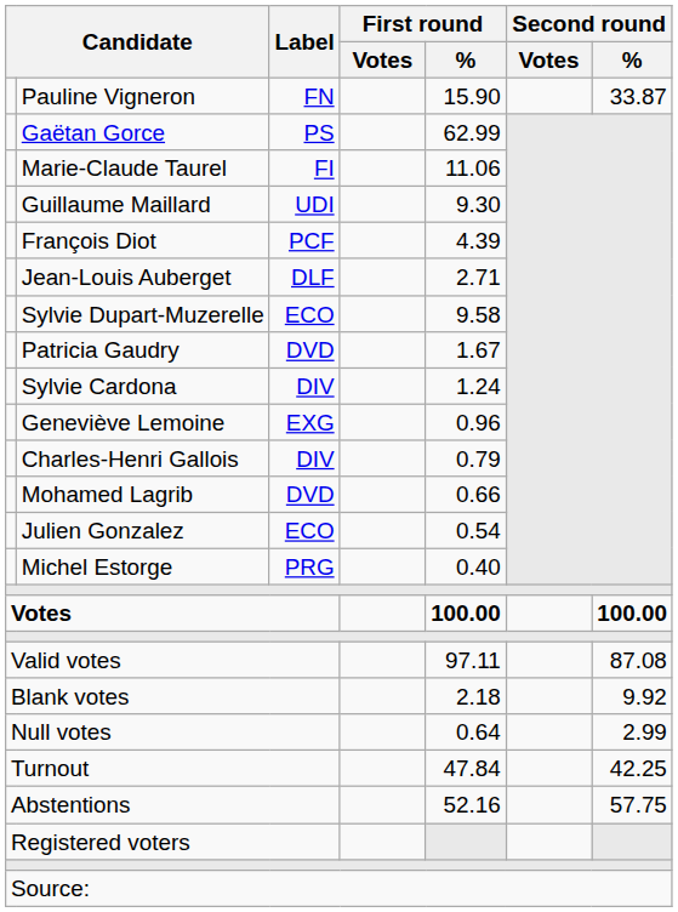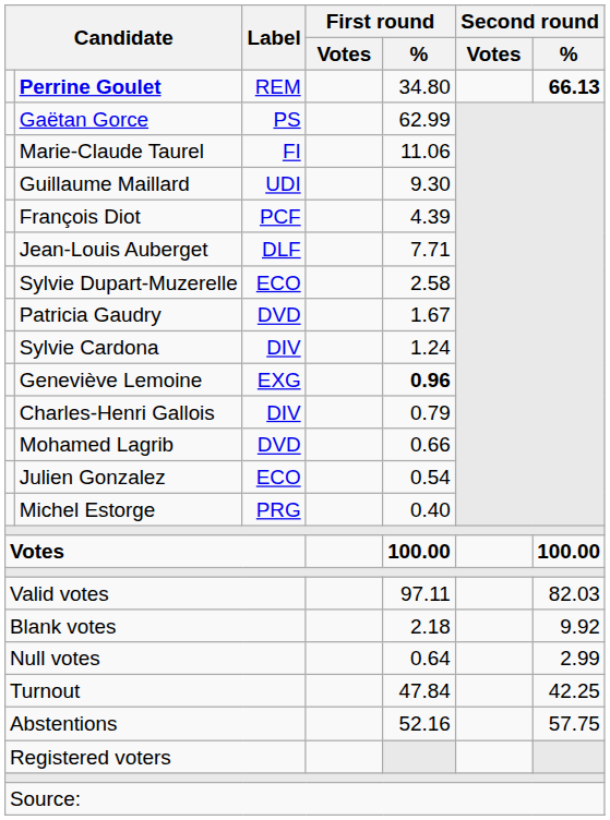 <table class="wikitable" style="text-align:right;font-size:95%;">
 <tr>
 <th rowspan="2" colspan="2">Candidate</th>
 <th rowspan="2">Label</th>
 <th colspan="2">First round</th>
 <th colspan="2">Second round</th>
 </tr>
 <tr>
 <th style="width:50px;">Votes</th>
 <th style="width:45px;">%</th>
 <th style="width:50px;">Votes</th>
 <th style="width:45px;">%</th>
 </tr>
 <tr>
 <td style="color:inherit;background:"></td>
-<td style="text-align:left;">Pauline Vigneron</td>
-<td><a href='#'>FN</a></td>
+<td style="text-align:left;"><strong><a href='#'>Perrine Goulet</a></strong></td>
+<td><a href='#'>REM</a></td>
 <td></td>
-<td>15.90</td>
-<td></td>
-<td>33.87</td>
+<td>34.80</td>
+<td><strong></strong></td>
+<td><strong>66.13</strong></td>
 </tr>
 <tr>
 <td style="color:inherit;background:"></td>
 <td style="text-align:left;"><a href='#'>Gaëtan Gorce</a></td>
 <td><a href='#'>PS</a></td>
 <td></td>
 <td>62.99</td>
 <td colspan="2" rowspan="13" style="background:#E9E9E9;"></td>
 </tr>
 <tr>
 <td style="color:inherit;background:"></td>
 <td style="text-align:left;">Marie-Claude Taurel</td>
 <td><a href='#'>FI</a></td>
 <td></td>
 <td>11.06</td>
 </tr>
 <tr>
 <td style="color:inherit;background:"></td>
 <td style="text-align:left;">Guillaume Maillard</td>
 <td><a href='#'>UDI</a></td>
 <td></td>
 <td>9.30</td>
 </tr>
 <tr>
 <td style="color:inherit;background:"></td>
 <td style="text-align:left;">François Diot</td>
 <td><a href='#'>PCF</a></td>
 <td></td>
 <td>4.39</td>
 </tr>
 <tr>
 <td style="color:inherit;background:"></td>
 <td style="text-align:left;">Jean-Louis Auberget</td>
 <td><a href='#'>DLF</a></td>
 <td></td>
-<td>2.71</td>
+<td>7.71</td>
 </tr>
 <tr>
 <td style="color:inherit;background:"></td>
 <td style="text-align:left;">Sylvie Dupart-Muzerelle</td>
 <td><a href='#'>ECO</a></td>
 <td></td>
-<td>9.58</td>
+<td>2.58</td>
 </tr>
 <tr>
 <td style="color:inherit;background:"></td>
 <td style="text-align:left;">Patricia Gaudry</td>
 <td><a href='#'>DVD</a></td>
 <td></td>
 <td>1.67</td>
 </tr>
 <tr>
 <td style="color:inherit;background:"></td>
 <td style="text-align:left;">Sylvie Cardona</td>
 <td><a href='#'>DIV</a></td>
 <td></td>
 <td>1.24</td>
 </tr>
 <tr>
 <td style="color:inherit;background:"></td>
 <td style="text-align:left;">Geneviève Lemoine</td>
 <td><a href='#'>EXG</a></td>
 <td></td>
-<td>0.96</td>
+<td><strong>0.96</strong></td>
 </tr>
 <tr>
 <td style="color:inherit;background:"></td>
 <td style="text-align:left;">Charles-Henri Gallois</td>
 <td><a href='#'>DIV</a></td>
 <td></td>
 <td>0.79</td>
 </tr>
 <tr>
 <td style="color:inherit;background:"></td>
 <td style="text-align:left;">Mohamed Lagrib</td>
 <td><a href='#'>DVD</a></td>
 <td></td>
 <td>0.66</td>
 </tr>
 <tr>
 <td style="color:inherit;background:"></td>
 <td style="text-align:left;">Julien Gonzalez</td>
 <td><a href='#'>ECO</a></td>
 <td></td>
 <td>0.54</td>
 </tr>
 <tr>
 <td style="color:inherit;background:"></td>
 <td style="text-align:left;">Michel Estorge</td>
 <td><a href='#'>PRG</a></td>
 <td></td>
 <td>0.40</td>
 </tr>
 <tr>
 <td colspan="7" style="background:#E9E9E9;"></td>
 </tr>
 <tr style="font-weight:bold;">
 <td colspan="3" style="text-align:left;">Votes</td>
 <td></td>
 <td>100.00</td>
 <td></td>
 <td>100.00</td>
 </tr>
 <tr>
 <td colspan="7" style="background:#E9E9E9;"></td>
 </tr>
 <tr>
 <td colspan="3" style="text-align:left;">Valid votes</td>
 <td></td>
 <td>97.11</td>
 <td></td>
-<td>87.08</td>
+<td>82.03</td>
 </tr>
 <tr>
 <td colspan="3" style="text-align:left;">Blank votes</td>
 <td></td>
 <td>2.18</td>
 <td></td>
 <td>9.92</td>
 </tr>
 <tr>
 <td colspan="3" style="text-align:left;">Null votes</td>
 <td></td>
 <td>0.64</td>
 <td></td>
 <td>2.99</td>
 </tr>
 <tr>
 <td colspan="3" style="text-align:left;">Turnout</td>
 <td></td>
 <td>47.84</td>
 <td></td>
 <td>42.25</td>
 </tr>
 <tr>
 <td colspan="3" style="text-align:left;">Abstentions</td>
 <td></td>
 <td>52.16</td>
 <td></td>
 <td>57.75</td>
 </tr>
 <tr>
 <td colspan="3" style="text-align:left;">Registered voters</td>
 <td></td>
 <td style="background:#E9E9E9;"></td>
 <td></td>
 <td style="background:#E9E9E9;"></td>
 </tr>
 <tr>
 <td colspan="7" style="background:#E9E9E9;"></td>
 </tr>
 <tr>
 <td colspan="7" style="text-align:left;">Source: </td>
 </tr>
 </table>
